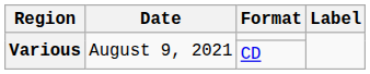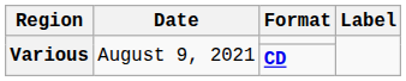 <table class="wikitable plainrowheaders">
 <tr>
 <th>Region</th>
 <th>Date</th>
 <th>Format</th>
 <th>Label</th>
 </tr>
 <tr>
 <th scope="row" rowspan="2">Various</th>
 <td rowspan="2">August 9, 2021</td>
 <td></td>
 <td rowspan="2"></td>
 </tr>
 <tr>
-<td><a href='#'>CD</a></td>
+<td><strong><a href='#'>CD</a></strong></td>
 </tr>
 </table>
